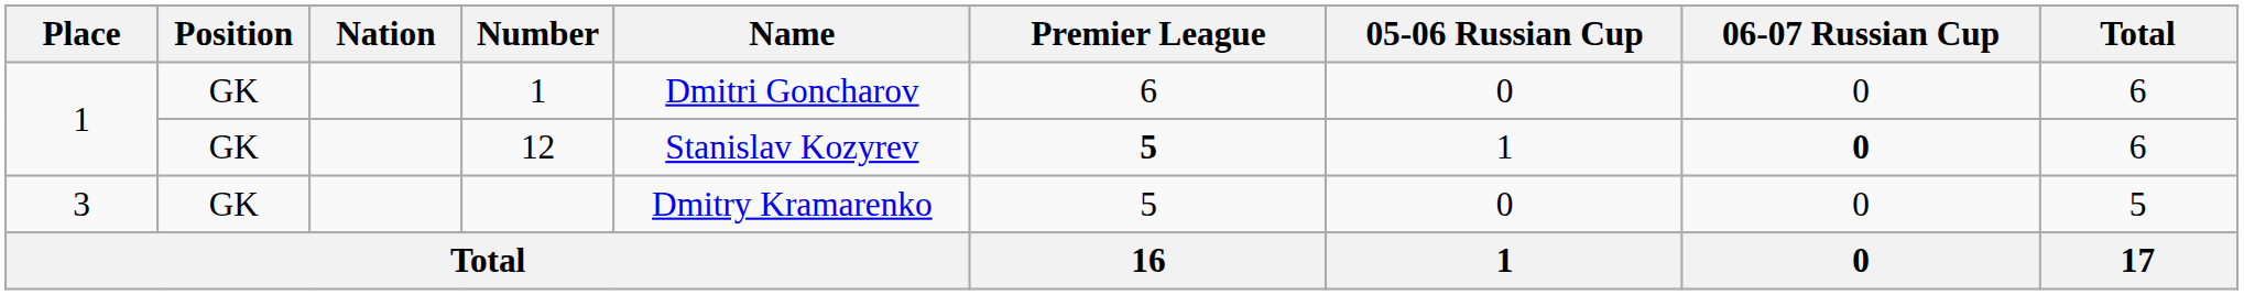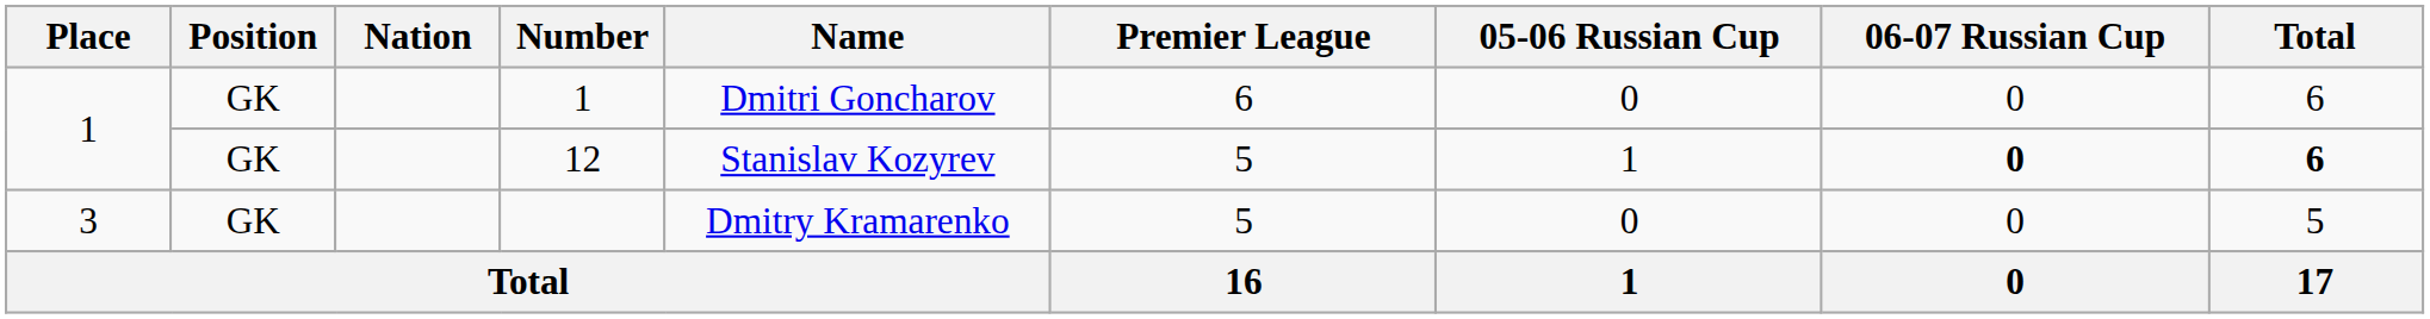 <table class="wikitable" style="font-size: 95%; text-align: center;">
 <tr>
 <th width=60>Place</th>
 <th width=60>Position</th>
 <th width=60>Nation</th>
 <th width=60>Number</th>
 <th width=150>Name</th>
 <th width=150>Premier League</th>
 <th width=150>05-06 Russian Cup</th>
 <th width=150>06-07 Russian Cup</th>
 <th width=80>Total</th>
 </tr>
 <tr>
 <td rowspan="2">1</td>
 <td>GK</td>
 <td></td>
 <td>1</td>
 <td><a href='#'>Dmitri Goncharov</a></td>
 <td>6</td>
 <td>0</td>
 <td>0</td>
 <td>6</td>
 </tr>
 <tr>
 <td>GK</td>
 <td></td>
 <td>12</td>
 <td><a href='#'>Stanislav Kozyrev</a></td>
-<td><strong>5</strong></td>
+<td>5</td>
 <td>1</td>
 <td><strong>0</strong></td>
-<td>6</td>
+<td><strong>6</strong></td>
 </tr>
 <tr>
 <td>3</td>
 <td>GK</td>
 <td></td>
 <td></td>
 <td><a href='#'>Dmitry Kramarenko</a></td>
 <td>5</td>
 <td>0</td>
 <td>0</td>
 <td>5</td>
 </tr>
 <tr>
 <th colspan=5>Total</th>
 <th>16</th>
 <th>1</th>
 <th>0</th>
 <th>17</th>
 </tr>
 </table>
